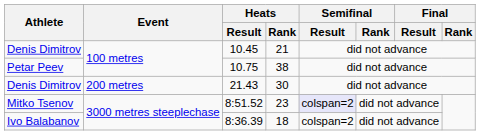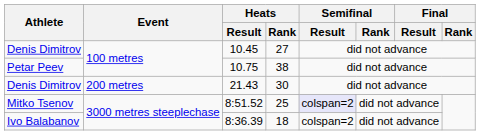 <table class="wikitable" border="1" style="font-size:90%">
 <tr>
 <th rowspan="2">Athlete</th>
 <th rowspan="2">Event</th>
 <th colspan="2">Heats</th>
 <th colspan="2">Semifinal</th>
 <th colspan="2">Final</th>
 </tr>
 <tr>
 <th>Result</th>
 <th>Rank</th>
 <th>Result</th>
 <th>Rank</th>
 <th>Result</th>
 <th>Rank</th>
 </tr>
 <tr align=center>
 <td align=left><a href='#'>Denis Dimitrov</a></td>
 <td align=left rowspan=2><a href='#'>100 metres</a></td>
 <td>10.45</td>
-<td>21</td>
+<td>27</td>
 <td align=center colspan=4>did not advance</td>
 </tr>
 <tr align=center>
 <td align=left><a href='#'>Petar Peev</a></td>
 <td>10.75</td>
 <td>38</td>
 <td align=center colspan=4>did not advance</td>
 </tr>
 <tr align=center>
 <td align=left><a href='#'>Denis Dimitrov</a></td>
 <td align=left><a href='#'>200 metres</a></td>
 <td>21.43</td>
 <td>30</td>
 <td align=center colspan=4>did not advance</td>
 </tr>
 <tr align=center>
 <td align=left><a href='#'>Mitko Tsenov</a></td>
 <td align=left rowspan=2><a href='#'>3000 metres steeplechase</a></td>
 <td>8:51.52 </td>
-<td>23</td>
+<td>25</td>
 <td style="background: lavender;">colspan=2</td>
 <td align=center colspan=2>did not advance</td>
 </tr>
 <tr align=center>
 <td align=left><a href='#'>Ivo Balabanov</a></td>
 <td>8:36.39</td>
 <td>18</td>
 <td>colspan=2</td>
 <td align=center colspan=2>did not advance</td>
 </tr>
 </table>
